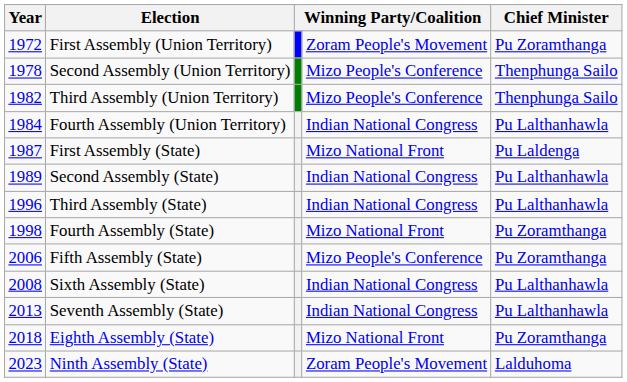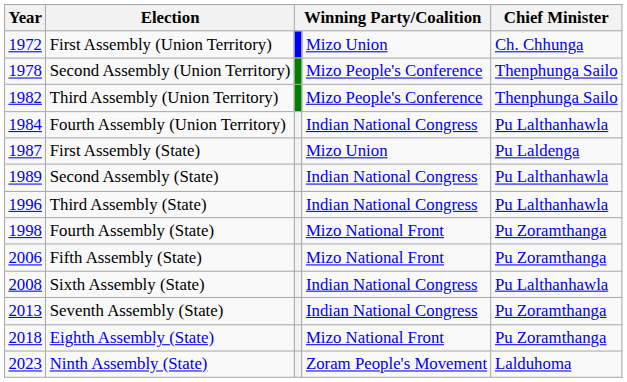 <table class="wikitable">
 <tr>
 <th>Year</th>
 <th>Election</th>
 <th colspan="2">Winning Party/Coalition</th>
 <th>Chief Minister</th>
 </tr>
 <tr --->
 <td><a href='#'>1972</a></td>
 <td>First Assembly (Union Territory)</td>
 <th style="background-color: blue"></th>
-<td><a href='#'>Zoram People's Movement</a></td>
-<td><a href='#'>Pu Zoramthanga</a></td>
+<td><a href='#'>Mizo Union</a></td>
+<td><a href='#'>Ch. Chhunga</a></td>
 </tr>
 <tr --->
 <td><a href='#'>1978</a></td>
 <td>Second Assembly (Union Territory)</td>
 <th style="background-color: green"></th>
 <td><a href='#'>Mizo People's Conference</a></td>
 <td><a href='#'>Thenphunga Sailo</a></td>
 </tr>
 <tr --->
 <td><a href='#'>1982</a></td>
 <td>Third Assembly (Union Territory)</td>
 <th style="background-color: green"></th>
 <td><a href='#'>Mizo People's Conference</a></td>
 <td><a href='#'>Thenphunga Sailo</a></td>
 </tr>
 <tr --->
 <td><a href='#'>1984</a></td>
 <td>Fourth Assembly (Union Territory)</td>
 <th style="background-color: "></th>
 <td><a href='#'>Indian National Congress</a></td>
 <td><a href='#'>Pu Lalthanhawla</a></td>
 </tr>
 <tr --->
 <td><a href='#'>1987</a></td>
 <td>First Assembly (State)</td>
 <th style="background-color: "></th>
-<td><a href='#'>Mizo National Front</a></td>
+<td><a href='#'>Mizo Union</a></td>
 <td><a href='#'>Pu Laldenga</a></td>
 </tr>
 <tr --->
 <td><a href='#'>1989</a></td>
 <td>Second Assembly (State)</td>
 <th style="background-color: "></th>
 <td><a href='#'>Indian National Congress</a></td>
 <td><a href='#'>Pu Lalthanhawla</a></td>
 </tr>
 <tr --->
 <td><a href='#'>1996</a></td>
 <td>Third Assembly (State)</td>
 <th style="background-color: "></th>
 <td><a href='#'>Indian National Congress</a></td>
 <td><a href='#'>Pu Lalthanhawla</a></td>
 </tr>
 <tr --->
 <td><a href='#'>1998</a></td>
 <td>Fourth Assembly (State)</td>
 <th style="background-color: "></th>
 <td><a href='#'>Mizo National Front</a></td>
 <td><a href='#'>Pu Zoramthanga</a></td>
 </tr>
 <tr --->
 <td><a href='#'>2006</a></td>
 <td>Fifth Assembly (State)</td>
 <th style="background-color: "></th>
-<td><a href='#'>Mizo People's Conference</a></td>
+<td><a href='#'>Mizo National Front</a></td>
 <td><a href='#'>Pu Zoramthanga</a></td>
 </tr>
 <tr --->
 <td><a href='#'>2008</a></td>
 <td>Sixth Assembly (State)</td>
 <th style="background-color: "></th>
 <td><a href='#'>Indian National Congress</a></td>
 <td><a href='#'>Pu Lalthanhawla</a></td>
 </tr>
 <tr --->
 <td><a href='#'>2013</a></td>
 <td>Seventh Assembly (State)</td>
 <th style="background-color: "></th>
 <td><a href='#'>Indian National Congress</a></td>
-<td><a href='#'>Pu Lalthanhawla</a></td>
+<td><a href='#'>Pu Zoramthanga</a></td>
 </tr>
 <tr>
 <td><a href='#'>2018</a></td>
 <td><a href='#'>Eighth Assembly (State)</a></td>
 <th style="background-color: "></th>
 <td><a href='#'>Mizo National Front</a></td>
 <td><a href='#'>Pu Zoramthanga</a></td>
 </tr>
 <tr --->
 <td><a href='#'>2023</a></td>
 <td><a href='#'>Ninth Assembly (State)</a></td>
 <th style="background-color: "></th>
 <td><a href='#'>Zoram People's Movement</a></td>
 <td><a href='#'>Lalduhoma</a></td>
 </tr>
 </table>
